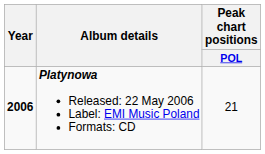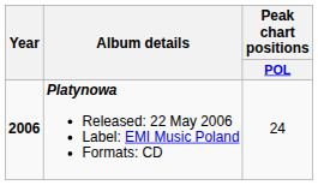 <table class="wikitable plainrowheaders" style="text-align:center;">
 <tr>
 <th scope="col" rowspan="2">Year</th>
 <th scope="col" rowspan="2">Album details</th>
 <th>Peak chart positions</th>
 </tr>
 <tr>
 <th scope="col" style="width:3em;font-size:90%;"><a href='#'>POL</a><br></th>
 </tr>
 <tr>
 <td><strong>2006</strong></td>
 <td align="left"><strong><em>Platynowa</em></strong><br><ul><li>Released: 22 May 2006</li><li>Label: <a href='#'>EMI Music Poland</a></li><li>Formats: CD</li></ul></td>
-<td>21</td>
+<td>24</td>
 </tr>
 </table>
